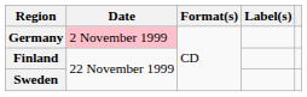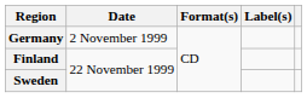 <table class="wikitable plainrowheaders">
 <tr>
 <th scope="col">Region</th>
 <th scope="col">Date</th>
 <th scope="col">Format(s)</th>
 <th scope="col">Label(s)</th>
 <th scope="col"></th>
 </tr>
 <tr>
 <th scope="row">Germany</th>
-<td style="background: pink;">2 November 1999</td>
+<td>2 November 1999</td>
 <td rowspan="3">CD</td>
 <td></td>
 <td></td>
 </tr>
 <tr>
 <th scope="row">Finland</th>
 <td rowspan="2">22 November 1999</td>
 <td></td>
 <td></td>
 </tr>
 <tr>
 <th scope="row">Sweden</th>
 <td></td>
 <td></td>
 </tr>
 </table>
